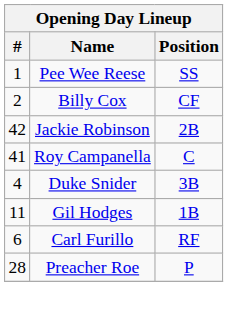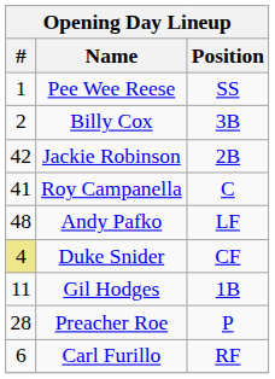 <table class="wikitable" style="text-align:center">
 <tr>
 <th colspan="3">Opening Day Lineup</th>
 </tr>
 <tr>
 <th>#</th>
 <th>Name</th>
 <th>Position</th>
 </tr>
 <tr>
 <td>1</td>
 <td><a href='#'>Pee Wee Reese</a></td>
 <td><a href='#'>SS</a></td>
 </tr>
 <tr>
 <td>2</td>
 <td><a href='#'>Billy Cox</a></td>
-<td><a href='#'>CF</a></td>
+<td><a href='#'>3B</a></td>
 </tr>
 <tr>
 <td>42</td>
 <td><a href='#'>Jackie Robinson</a></td>
 <td><a href='#'>2B</a></td>
 </tr>
 <tr>
 <td>41</td>
 <td><a href='#'>Roy Campanella</a></td>
 <td><a href='#'>C</a></td>
 </tr>
 <tr>
-<td>4</td>
+<td>48</td>
+<td><a href='#'>Andy Pafko</a></td>
+<td><a href='#'>LF</a></td>
+</tr>
+<tr>
+<td style="background: khaki;">4</td>
 <td><a href='#'>Duke Snider</a></td>
-<td><a href='#'>3B</a></td>
+<td><a href='#'>CF</a></td>
 </tr>
 <tr>
 <td>11</td>
 <td><a href='#'>Gil Hodges</a></td>
 <td><a href='#'>1B</a></td>
 </tr>
 <tr>
+<td>28</td>
+<td><a href='#'>Preacher Roe</a></td>
+<td><a href='#'>P</a></td>
+</tr>
+<tr>
 <td>6</td>
 <td><a href='#'>Carl Furillo</a></td>
 <td><a href='#'>RF</a></td>
 </tr>
 <tr>
-<td>28</td>
-<td><a href='#'>Preacher Roe</a></td>
-<td><a href='#'>P</a></td>
-</tr>
-<tr>
 </tr>
 </table>
